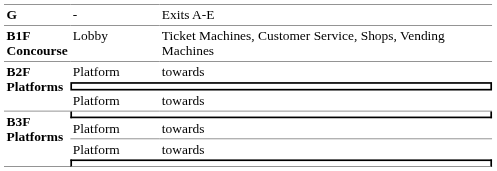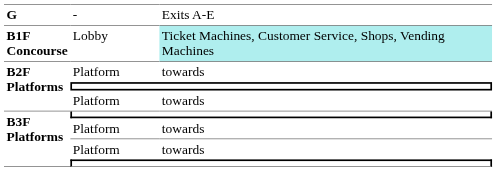 <table table border=0 cellspacing=0 cellpadding=3>
 <tr>
 <td style="border-top:solid 1px gray;" width=50 valign=top><strong>G</strong></td>
 <td style="border-top:solid 1px gray;" width=100 valign=top>-</td>
 <td style="border-top:solid 1px gray;" width=390 valign=top>Exits A-E</td>
 </tr>
 <tr>
 <td style="border-bottom:solid 1px gray; border-top:solid 1px gray;" valign=top width=50><strong>B1F<br>Concourse</strong></td>
 <td style="border-bottom:solid 1px gray; border-top:solid 1px gray;" valign=top width=100>Lobby</td>
-<td style="border-bottom:solid 1px gray; border-top:solid 1px gray;" valign=top width=390>Ticket Machines, Customer Service, Shops, Vending Machines</td>
+<td style="background: paleturquoise; border-bottom:solid 1px gray; border-top:solid 1px gray;" valign=top width=390>Ticket Machines, Customer Service, Shops, Vending Machines</td>
 </tr>
 <tr>
 <td style="border-bottom:solid 1px gray;" rowspan=3 valign=top><strong>B2F<br> Platforms</strong></td>
 <td>Platform</td>
 <td>  towards  </td>
 </tr>
 <tr>
 <td style="border-right:solid 2px black;border-left:solid 2px black;border-top:solid 2px black;border-bottom:solid 2px black;text-align:center;" colspan=2></td>
 </tr>
 <tr>
 <td style="border-bottom:solid 1px gray;">Platform</td>
 <td style="border-bottom:solid 1px gray;">  towards   </td>
 </tr>
 <tr>
 <td style="border-bottom:solid 1px gray;" rowspan=4 valign=top><strong>B3F<br> Platforms</strong></td>
 <td style="border-right:solid 2px black;border-left:solid 2px black;border-bottom:solid 2px black;text-align:center;" colspan=2></td>
 </tr>
 <tr>
 <td style="border-bottom:solid 1px gray;" width=100>Platform</td>
 <td style="border-bottom:solid 1px gray;" width=330>  towards  </td>
 </tr>
 <tr>
 <td>Platform</td>
 <td>  towards   </td>
 </tr>
 <tr>
 <td style="border-top:solid 2px black;border-right:solid 2px black;border-left:solid 2px black;border-bottom:solid 1px gray;text-align:center;" colspan=2></td>
 </tr>
 <tr>
 </tr>
 </table>
